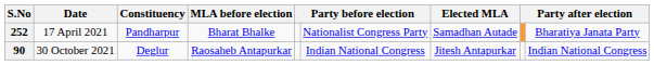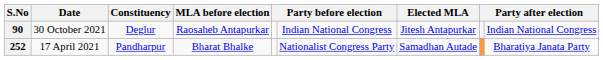 <table class="wikitable sortable" style="text-align:center;">
 <tr>
 <th>S.No</th>
 <th>Date</th>
 <th>Constituency</th>
 <th>MLA before election</th>
 <th colspan="2">Party before election</th>
 <th>Elected MLA</th>
 <th colspan="2">Party after election</th>
+</tr>
+<tr>
+<th>90</th>
+<td>30 October 2021</td>
+<td><a href='#'>Deglur</a></td>
+<td><a href='#'>Raosaheb Antapurkar</a></td>
+<td></td>
+<td><a href='#'>Indian National Congress</a></td>
+<td><a href='#'>Jitesh Antapurkar</a></td>
+<td></td>
+<td><a href='#'>Indian National Congress</a></td>
 </tr>
 <tr>
 <th>252</th>
 <td>17 April 2021</td>
 <td><a href='#'>Pandharpur</a></td>
 <td><a href='#'>Bharat Bhalke</a></td>
 <td></td>
 <td><a href='#'>Nationalist Congress Party</a></td>
 <td><a href='#'>Samadhan Autade</a></td>
 <td bgcolor=#FF9933></td>
 <td><a href='#'>Bharatiya Janata Party</a></td>
 </tr>
-<tr>
-<th>90</th>
-<td>30 October 2021</td>
-<td><a href='#'>Deglur</a></td>
-<td><a href='#'>Raosaheb Antapurkar</a></td>
-<td></td>
-<td><a href='#'>Indian National Congress</a></td>
-<td><a href='#'>Jitesh Antapurkar</a></td>
-<td></td>
-<td><a href='#'>Indian National Congress</a></td>
-</tr>
 </table>
